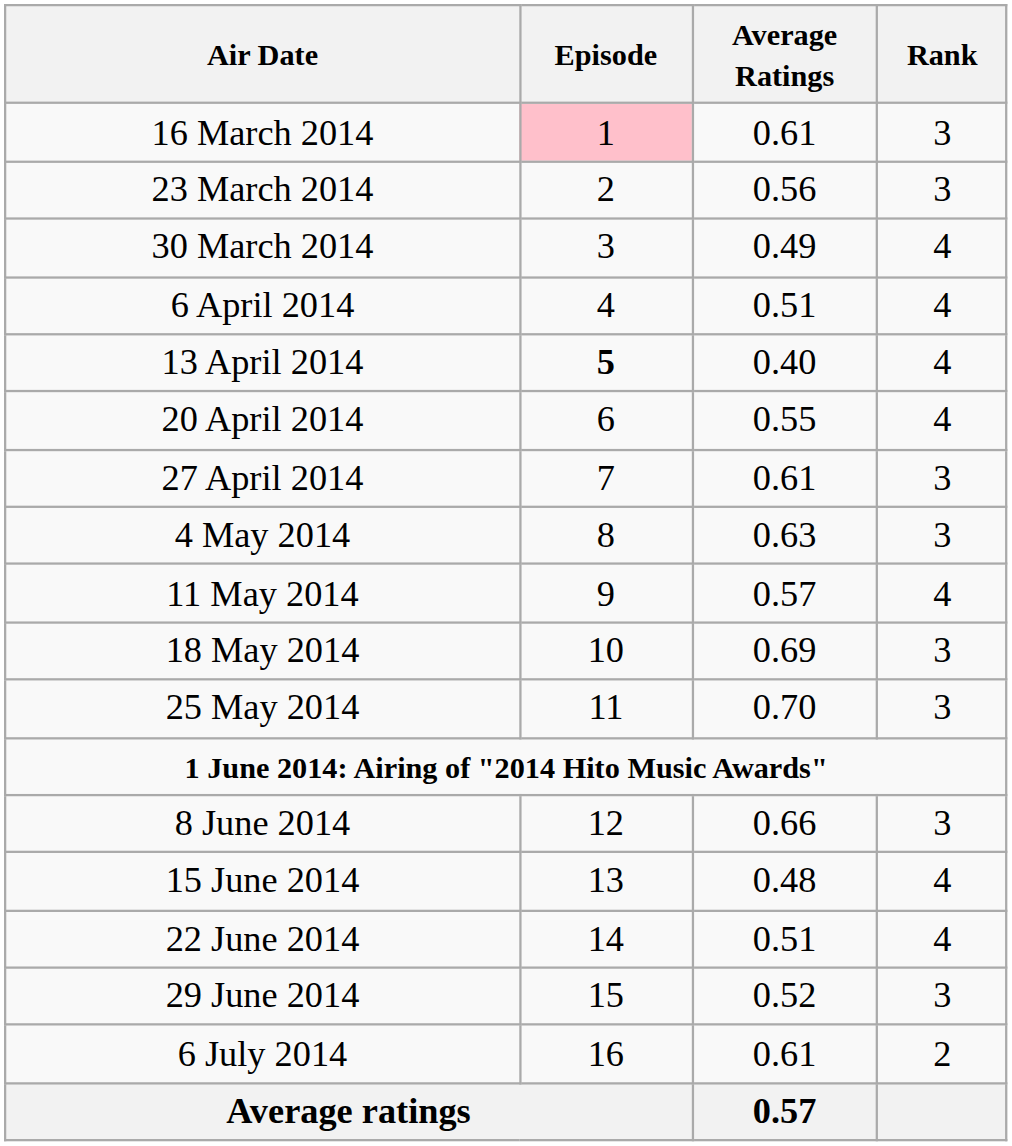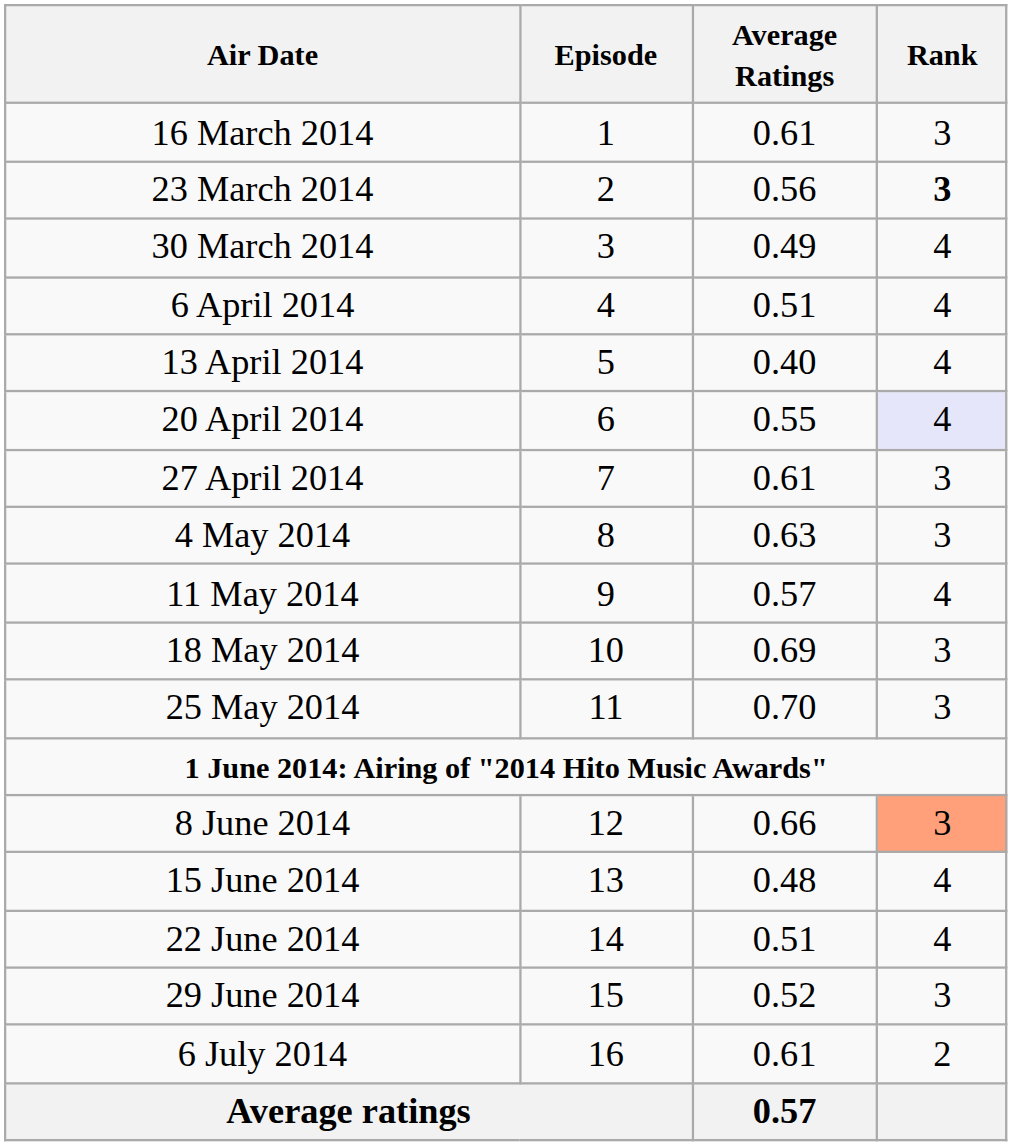 <table class="wikitable" style="text-align:center;width:35%;">
 <tr>
 <th width="25%"><small>Air Date</small></th>
 <th width="5%"><small>Episode</small></th>
 <th width="6%"><small>Average Ratings</small></th>
 <th width="4%"><small>Rank</small></th>
 </tr>
 <tr>
 <td>16 March 2014</td>
-<td style="background: pink;">1</td>
+<td>1</td>
 <td>0.61</td>
 <td>3</td>
 </tr>
 <tr>
 <td>23 March 2014</td>
 <td>2</td>
 <td>0.56</td>
-<td>3</td>
+<td><strong>3</strong></td>
 </tr>
 <tr>
 <td>30 March 2014</td>
 <td>3</td>
 <td>0.49</td>
 <td>4</td>
 </tr>
 <tr>
 <td>6 April 2014</td>
 <td>4</td>
 <td>0.51</td>
 <td>4</td>
 </tr>
 <tr>
 <td>13 April 2014</td>
-<td><strong>5</strong></td>
+<td>5</td>
 <td>0.40</td>
 <td>4</td>
 </tr>
 <tr>
 <td>20 April 2014</td>
 <td>6</td>
 <td>0.55</td>
-<td>4</td>
+<td style="background: lavender;">4</td>
 </tr>
 <tr>
 <td>27 April 2014</td>
 <td>7</td>
 <td>0.61</td>
 <td>3</td>
 </tr>
 <tr>
 <td>4 May 2014</td>
 <td>8</td>
 <td>0.63</td>
 <td>3</td>
 </tr>
 <tr>
 <td>11 May 2014</td>
 <td>9</td>
 <td>0.57</td>
 <td>4</td>
 </tr>
 <tr>
 <td>18 May 2014</td>
 <td>10</td>
 <td>0.69</td>
 <td>3</td>
 </tr>
 <tr>
 <td>25 May 2014</td>
 <td>11</td>
 <td>0.70</td>
 <td>3</td>
 </tr>
 <tr>
 <td colspan="4"><strong><small>1 June 2014: Airing of "2014 Hito Music Awards"</small></strong></td>
 </tr>
 <tr>
 <td>8 June 2014</td>
 <td>12</td>
 <td>0.66</td>
-<td>3</td>
+<td style="background: lightsalmon;">3</td>
 </tr>
 <tr>
 <td>15 June 2014</td>
 <td>13</td>
 <td>0.48</td>
 <td>4</td>
 </tr>
 <tr>
 <td>22 June 2014</td>
 <td>14</td>
 <td>0.51</td>
 <td>4</td>
 </tr>
 <tr>
 <td>29 June 2014</td>
 <td>15</td>
 <td>0.52</td>
 <td>3</td>
 </tr>
 <tr>
 <td>6 July 2014</td>
 <td>16</td>
 <td>0.61</td>
 <td>2</td>
 </tr>
 <tr>
 <th colspan="2"><strong>Average ratings</strong></th>
 <th><strong>0.57</strong></th>
 <th></th>
 </tr>
 </table>
